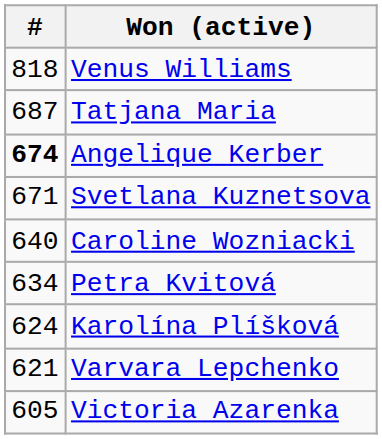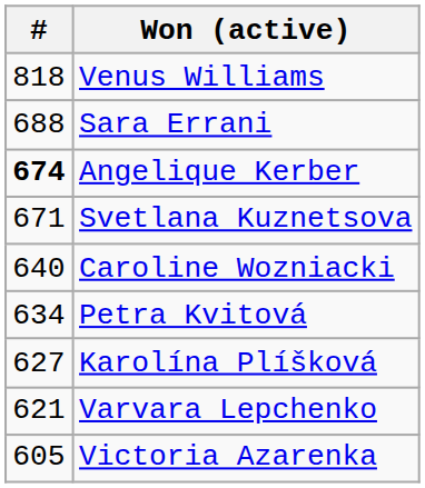 <table class=wikitable style=display:inline-table>
 <tr>
 <th>#</th>
 <th>Won (active)</th>
 </tr>
 <tr>
 <td>818</td>
 <td> <a href='#'>Venus Williams</a></td>
 </tr>
 <tr>
-<td>687</td>
-<td> <a href='#'>Tatjana Maria</a></td>
+<td>688</td>
+<td> <a href='#'>Sara Errani</a></td>
 </tr>
 <tr>
 <td><strong>674</strong></td>
 <td> <a href='#'>Angelique Kerber</a></td>
 </tr>
 <tr>
 <td>671</td>
 <td> <a href='#'>Svetlana Kuznetsova</a></td>
 </tr>
 <tr>
 <td>640</td>
 <td> <a href='#'>Caroline Wozniacki</a></td>
 </tr>
 <tr>
 <td>634</td>
 <td> <a href='#'>Petra Kvitová</a></td>
 </tr>
 <tr>
-<td>624</td>
+<td>627</td>
 <td> <a href='#'>Karolína Plíšková</a></td>
 </tr>
 <tr>
 <td>621</td>
 <td> <a href='#'>Varvara Lepchenko</a></td>
 </tr>
 <tr>
 <td>605</td>
 <td> <a href='#'>Victoria Azarenka</a></td>
 </tr>
 </table>
